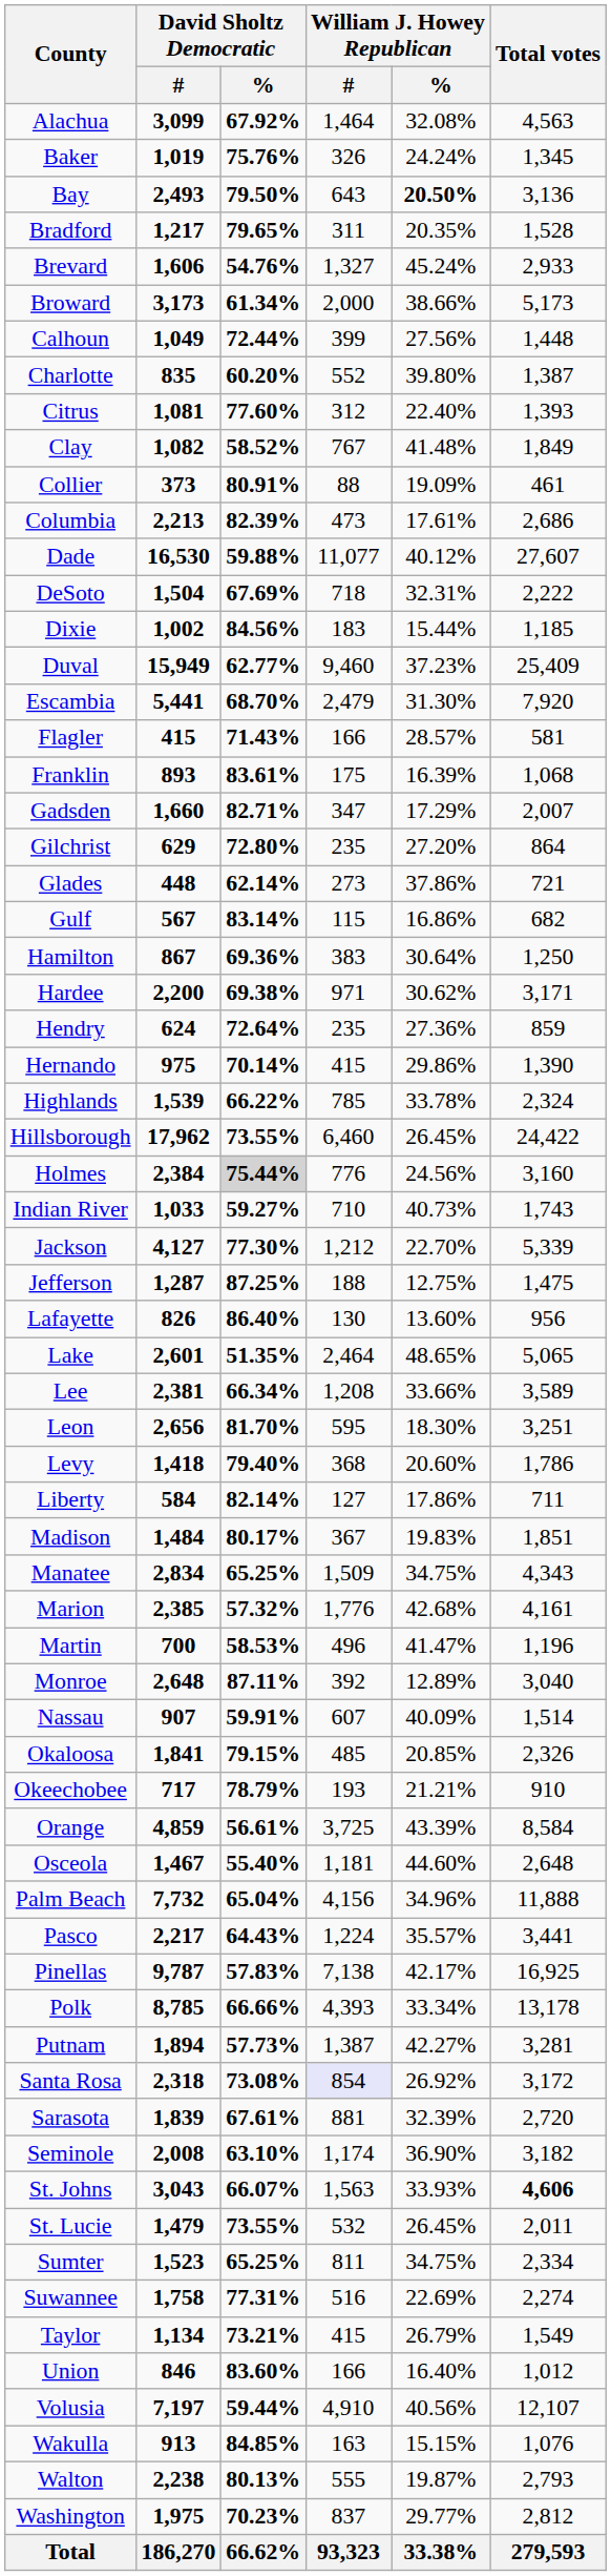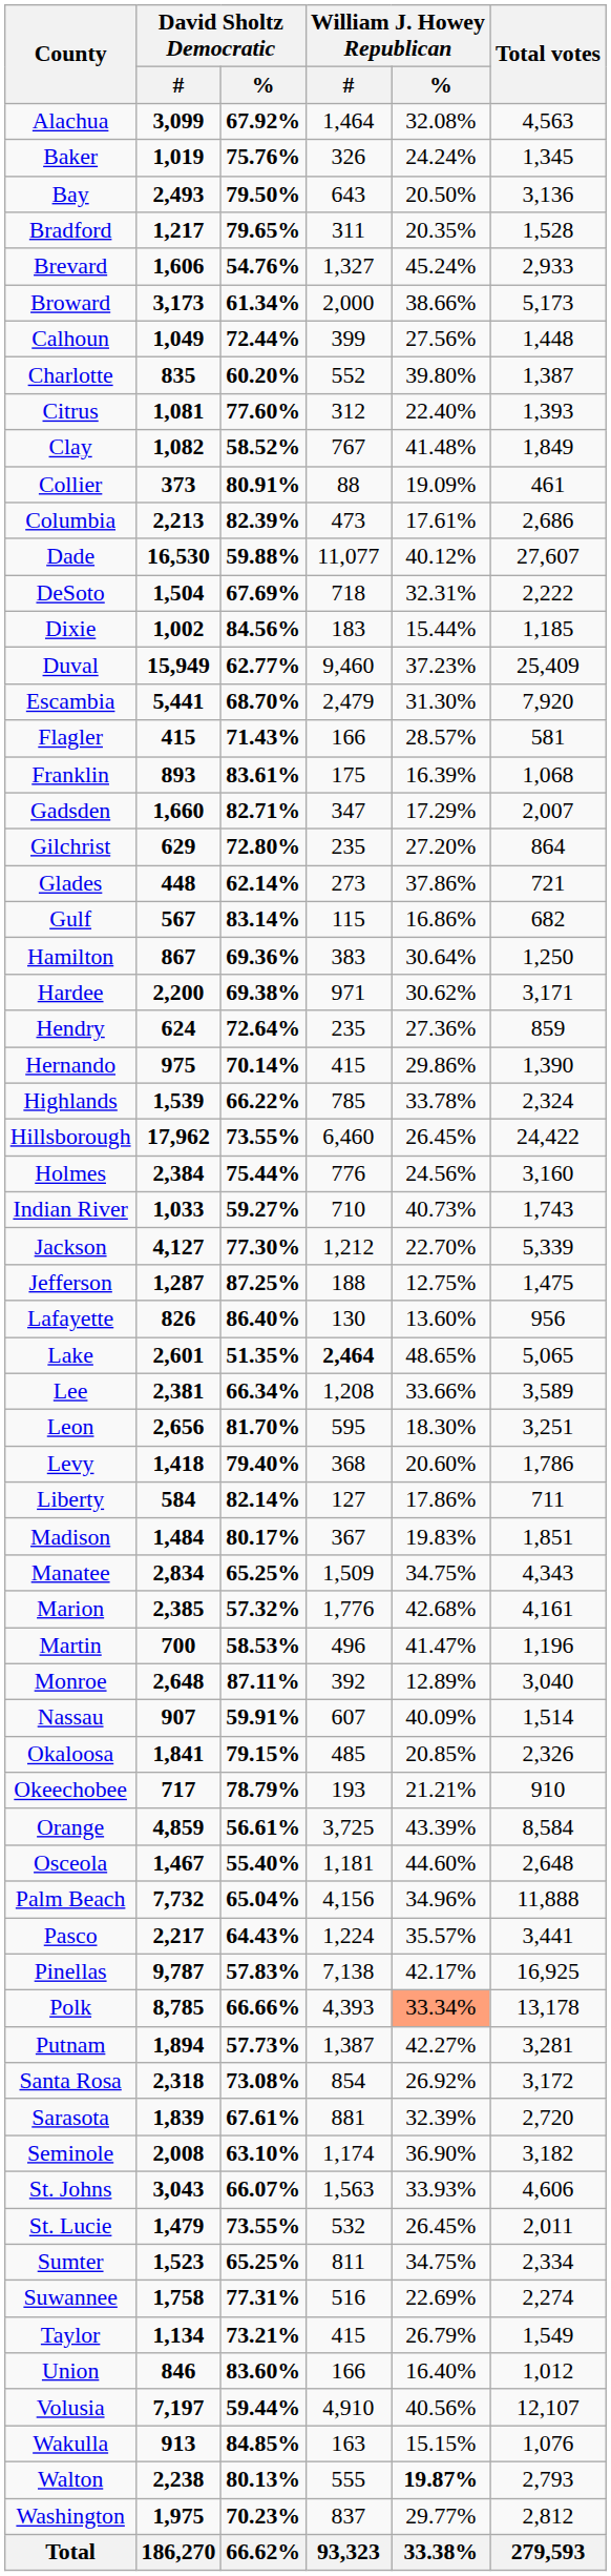 <table class="wikitable sortable">
 <tr>
 <th rowspan="2">County</th>
 <th colspan="2" style="text-align: center;" >David Sholtz <br><em>Democratic</em></th>
 <th colspan="2" style="text-align: center;" >William J. Howey <br><em>Republican</em></th>
 <th rowspan="2">Total votes</th>
 </tr>
 <tr>
 <th colspan="1" style="text-align: center;" >#</th>
 <th colspan="1" style="text-align: center;" >%</th>
 <th colspan="1" style="text-align: center;" >#</th>
 <th colspan="1" style="text-align: center;" >%</th>
 </tr>
 <tr align="center">
 <td><a href='#'>Alachua</a></td>
 <td><strong>3,099</strong></td>
 <td><strong>67.92%</strong></td>
 <td>1,464</td>
 <td>32.08%</td>
 <td>4,563</td>
 </tr>
 <tr align="center">
 <td><a href='#'>Baker</a></td>
 <td><strong>1,019</strong></td>
 <td><strong>75.76%</strong></td>
 <td>326</td>
 <td>24.24%</td>
 <td>1,345</td>
 </tr>
 <tr align="center">
 <td><a href='#'>Bay</a></td>
 <td><strong>2,493</strong></td>
 <td><strong>79.50%</strong></td>
 <td>643</td>
-<td><strong>20.50%</strong></td>
+<td>20.50%</td>
 <td>3,136</td>
 </tr>
 <tr align="center">
 <td><a href='#'>Bradford</a></td>
 <td><strong>1,217</strong></td>
 <td><strong>79.65%</strong></td>
 <td>311</td>
 <td>20.35%</td>
 <td>1,528</td>
 </tr>
 <tr align="center">
 <td><a href='#'>Brevard</a></td>
 <td><strong>1,606</strong></td>
 <td><strong>54.76%</strong></td>
 <td>1,327</td>
 <td>45.24%</td>
 <td>2,933</td>
 </tr>
 <tr align="center">
 <td><a href='#'>Broward</a></td>
 <td><strong>3,173</strong></td>
 <td><strong>61.34%</strong></td>
 <td>2,000</td>
 <td>38.66%</td>
 <td>5,173</td>
 </tr>
 <tr align="center">
 <td><a href='#'>Calhoun</a></td>
 <td><strong>1,049</strong></td>
 <td><strong>72.44%</strong></td>
 <td>399</td>
 <td>27.56%</td>
 <td>1,448</td>
 </tr>
 <tr align="center">
 <td><a href='#'>Charlotte</a></td>
 <td><strong>835</strong></td>
 <td><strong>60.20%</strong></td>
 <td>552</td>
 <td>39.80%</td>
 <td>1,387</td>
 </tr>
 <tr align="center">
 <td><a href='#'>Citrus</a></td>
 <td><strong>1,081</strong></td>
 <td><strong>77.60%</strong></td>
 <td>312</td>
 <td>22.40%</td>
 <td>1,393</td>
 </tr>
 <tr align="center">
 <td><a href='#'>Clay</a></td>
 <td><strong>1,082</strong></td>
 <td><strong>58.52%</strong></td>
 <td>767</td>
 <td>41.48%</td>
 <td>1,849</td>
 </tr>
 <tr align="center">
 <td><a href='#'>Collier</a></td>
 <td><strong>373</strong></td>
 <td><strong>80.91%</strong></td>
 <td>88</td>
 <td>19.09%</td>
 <td>461</td>
 </tr>
 <tr align="center">
 <td><a href='#'>Columbia</a></td>
 <td><strong>2,213</strong></td>
 <td><strong>82.39%</strong></td>
 <td>473</td>
 <td>17.61%</td>
 <td>2,686</td>
 </tr>
 <tr align="center">
 <td><a href='#'>Dade</a></td>
 <td><strong>16,530</strong></td>
 <td><strong>59.88%</strong></td>
 <td>11,077</td>
 <td>40.12%</td>
 <td>27,607</td>
 </tr>
 <tr align="center">
 <td><a href='#'>DeSoto</a></td>
 <td><strong>1,504</strong></td>
 <td><strong>67.69%</strong></td>
 <td>718</td>
 <td>32.31%</td>
 <td>2,222</td>
 </tr>
 <tr align="center">
 <td><a href='#'>Dixie</a></td>
 <td><strong>1,002</strong></td>
 <td><strong>84.56%</strong></td>
 <td>183</td>
 <td>15.44%</td>
 <td>1,185</td>
 </tr>
 <tr align="center">
 <td><a href='#'>Duval</a></td>
 <td><strong>15,949</strong></td>
 <td><strong>62.77%</strong></td>
 <td>9,460</td>
 <td>37.23%</td>
 <td>25,409</td>
 </tr>
 <tr align="center">
 <td><a href='#'>Escambia</a></td>
 <td><strong>5,441</strong></td>
 <td><strong>68.70%</strong></td>
 <td>2,479</td>
 <td>31.30%</td>
 <td>7,920</td>
 </tr>
 <tr align="center">
 <td><a href='#'>Flagler</a></td>
 <td><strong>415</strong></td>
 <td><strong>71.43%</strong></td>
 <td>166</td>
 <td>28.57%</td>
 <td>581</td>
 </tr>
 <tr align="center">
 <td><a href='#'>Franklin</a></td>
 <td><strong>893</strong></td>
 <td><strong>83.61%</strong></td>
 <td>175</td>
 <td>16.39%</td>
 <td>1,068</td>
 </tr>
 <tr align="center">
 <td><a href='#'>Gadsden</a></td>
 <td><strong>1,660</strong></td>
 <td><strong>82.71%</strong></td>
 <td>347</td>
 <td>17.29%</td>
 <td>2,007</td>
 </tr>
 <tr align="center">
 <td><a href='#'>Gilchrist</a></td>
 <td><strong>629</strong></td>
 <td><strong>72.80%</strong></td>
 <td>235</td>
 <td>27.20%</td>
 <td>864</td>
 </tr>
 <tr align="center">
 <td><a href='#'>Glades</a></td>
 <td><strong>448</strong></td>
 <td><strong>62.14%</strong></td>
 <td>273</td>
 <td>37.86%</td>
 <td>721</td>
 </tr>
 <tr align="center">
 <td><a href='#'>Gulf</a></td>
 <td><strong>567</strong></td>
 <td><strong>83.14%</strong></td>
 <td>115</td>
 <td>16.86%</td>
 <td>682</td>
 </tr>
 <tr align="center">
 <td><a href='#'>Hamilton</a></td>
 <td><strong>867</strong></td>
 <td><strong>69.36%</strong></td>
 <td>383</td>
 <td>30.64%</td>
 <td>1,250</td>
 </tr>
 <tr align="center">
 <td><a href='#'>Hardee</a></td>
 <td><strong>2,200</strong></td>
 <td><strong>69.38%</strong></td>
 <td>971</td>
 <td>30.62%</td>
 <td>3,171</td>
 </tr>
 <tr align="center">
 <td><a href='#'>Hendry</a></td>
 <td><strong>624</strong></td>
 <td><strong>72.64%</strong></td>
 <td>235</td>
 <td>27.36%</td>
 <td>859</td>
 </tr>
 <tr align="center">
 <td><a href='#'>Hernando</a></td>
 <td><strong>975</strong></td>
 <td><strong>70.14%</strong></td>
 <td>415</td>
 <td>29.86%</td>
 <td>1,390</td>
 </tr>
 <tr align="center">
 <td><a href='#'>Highlands</a></td>
 <td><strong>1,539</strong></td>
 <td><strong>66.22%</strong></td>
 <td>785</td>
 <td>33.78%</td>
 <td>2,324</td>
 </tr>
 <tr align="center">
 <td><a href='#'>Hillsborough</a></td>
 <td><strong>17,962</strong></td>
 <td><strong>73.55%</strong></td>
 <td>6,460</td>
 <td>26.45%</td>
 <td>24,422</td>
 </tr>
 <tr align="center">
 <td><a href='#'>Holmes</a></td>
 <td><strong>2,384</strong></td>
-<td style="background: lightgrey;"><strong>75.44%</strong></td>
+<td><strong>75.44%</strong></td>
 <td>776</td>
 <td>24.56%</td>
 <td>3,160</td>
 </tr>
 <tr align="center">
 <td><a href='#'>Indian River</a></td>
 <td><strong>1,033</strong></td>
 <td><strong>59.27%</strong></td>
 <td>710</td>
 <td>40.73%</td>
 <td>1,743</td>
 </tr>
 <tr align="center">
 <td><a href='#'>Jackson</a></td>
 <td><strong> 4,127</strong></td>
 <td><strong>77.30%</strong></td>
 <td>1,212</td>
 <td>22.70%</td>
 <td>5,339</td>
 </tr>
 <tr align="center">
 <td><a href='#'>Jefferson</a></td>
 <td><strong>1,287</strong></td>
 <td><strong>87.25%</strong></td>
 <td>188</td>
 <td>12.75%</td>
 <td>1,475</td>
 </tr>
 <tr align="center">
 <td><a href='#'>Lafayette</a></td>
 <td><strong>826</strong></td>
 <td><strong>86.40%</strong></td>
 <td>130</td>
 <td>13.60%</td>
 <td>956</td>
 </tr>
 <tr align="center">
 <td><a href='#'>Lake</a></td>
 <td><strong>2,601</strong></td>
 <td><strong>51.35%</strong></td>
-<td>2,464</td>
+<td><strong>2,464</strong></td>
 <td>48.65%</td>
 <td>5,065</td>
 </tr>
 <tr align="center">
 <td><a href='#'>Lee</a></td>
 <td><strong>2,381</strong></td>
 <td><strong>66.34%</strong></td>
 <td>1,208</td>
 <td>33.66%</td>
 <td>3,589</td>
 </tr>
 <tr align="center">
 <td><a href='#'>Leon</a></td>
 <td><strong>2,656</strong></td>
 <td><strong>81.70%</strong></td>
 <td>595</td>
 <td>18.30%</td>
 <td>3,251</td>
 </tr>
 <tr align="center">
 <td><a href='#'>Levy</a></td>
 <td><strong>1,418</strong></td>
 <td><strong>79.40%</strong></td>
 <td>368</td>
 <td>20.60%</td>
 <td>1,786</td>
 </tr>
 <tr align="center">
 <td><a href='#'>Liberty</a></td>
 <td><strong>584</strong></td>
 <td><strong>82.14%</strong></td>
 <td>127</td>
 <td>17.86%</td>
 <td>711</td>
 </tr>
 <tr align="center">
 <td><a href='#'>Madison</a></td>
 <td><strong>1,484</strong></td>
 <td><strong>80.17%</strong></td>
 <td>367</td>
 <td>19.83%</td>
 <td>1,851</td>
 </tr>
 <tr align="center">
 <td><a href='#'>Manatee</a></td>
 <td><strong>2,834</strong></td>
 <td><strong>65.25%</strong></td>
 <td>1,509</td>
 <td>34.75%</td>
 <td>4,343</td>
 </tr>
 <tr align="center">
 <td><a href='#'>Marion</a></td>
 <td><strong>2,385</strong></td>
 <td><strong>57.32%</strong></td>
 <td>1,776</td>
 <td>42.68%</td>
 <td>4,161</td>
 </tr>
 <tr align="center">
 <td><a href='#'>Martin</a></td>
 <td><strong>700</strong></td>
 <td><strong>58.53%</strong></td>
 <td>496</td>
 <td>41.47%</td>
 <td>1,196</td>
 </tr>
 <tr align="center">
 <td><a href='#'>Monroe</a></td>
 <td><strong>2,648</strong></td>
 <td><strong>87.11%</strong></td>
 <td>392</td>
 <td>12.89%</td>
 <td>3,040</td>
 </tr>
 <tr align="center">
 <td><a href='#'>Nassau</a></td>
 <td><strong>907</strong></td>
 <td><strong>59.91%</strong></td>
 <td>607</td>
 <td>40.09%</td>
 <td>1,514</td>
 </tr>
 <tr align="center">
 <td><a href='#'>Okaloosa</a></td>
 <td><strong>1,841</strong></td>
 <td><strong>79.15%</strong></td>
 <td>485</td>
 <td>20.85%</td>
 <td>2,326</td>
 </tr>
 <tr align="center">
 <td><a href='#'>Okeechobee</a></td>
 <td><strong>717</strong></td>
 <td><strong>78.79%</strong></td>
 <td>193</td>
 <td>21.21%</td>
 <td>910</td>
 </tr>
 <tr align="center">
 <td><a href='#'>Orange</a></td>
 <td><strong>4,859</strong></td>
 <td><strong>56.61%</strong></td>
 <td>3,725</td>
 <td>43.39%</td>
 <td>8,584</td>
 </tr>
 <tr align="center">
 <td><a href='#'>Osceola</a></td>
 <td><strong>1,467</strong></td>
 <td><strong>55.40%</strong></td>
 <td>1,181</td>
 <td>44.60%</td>
 <td>2,648</td>
 </tr>
 <tr align="center">
 <td><a href='#'>Palm Beach</a></td>
 <td><strong>7,732</strong></td>
 <td><strong>65.04%</strong></td>
 <td>4,156</td>
 <td>34.96%</td>
 <td>11,888</td>
 </tr>
 <tr align="center">
 <td><a href='#'>Pasco</a></td>
 <td><strong>2,217</strong></td>
 <td><strong>64.43%</strong></td>
 <td>1,224</td>
 <td>35.57%</td>
 <td>3,441</td>
 </tr>
 <tr align="center">
 <td><a href='#'>Pinellas</a></td>
 <td><strong>9,787</strong></td>
 <td><strong>57.83%</strong></td>
 <td>7,138</td>
 <td>42.17%</td>
 <td>16,925</td>
 </tr>
 <tr align="center">
 <td><a href='#'>Polk</a></td>
 <td><strong>8,785</strong></td>
 <td><strong>66.66%</strong></td>
 <td>4,393</td>
-<td>33.34%</td>
+<td style="background: lightsalmon;">33.34%</td>
 <td>13,178</td>
 </tr>
 <tr align="center">
 <td><a href='#'>Putnam</a></td>
 <td><strong>1,894</strong></td>
 <td><strong>57.73%</strong></td>
 <td>1,387</td>
 <td>42.27%</td>
 <td>3,281</td>
 </tr>
 <tr align="center">
 <td><a href='#'>Santa Rosa</a></td>
 <td><strong>2,318</strong></td>
 <td><strong>73.08%</strong></td>
-<td style="background: lavender;">854</td>
+<td>854</td>
 <td>26.92%</td>
 <td>3,172</td>
 </tr>
 <tr align="center">
 <td><a href='#'>Sarasota</a></td>
 <td><strong>1,839</strong></td>
 <td><strong>67.61%</strong></td>
 <td>881</td>
 <td>32.39%</td>
 <td>2,720</td>
 </tr>
 <tr align="center">
 <td><a href='#'>Seminole</a></td>
 <td><strong>2,008</strong></td>
 <td><strong>63.10%</strong></td>
 <td>1,174</td>
 <td>36.90%</td>
 <td>3,182</td>
 </tr>
 <tr align="center">
 <td><a href='#'>St. Johns</a></td>
 <td><strong>3,043</strong></td>
 <td><strong>66.07%</strong></td>
 <td>1,563</td>
 <td>33.93%</td>
-<td><strong>4,606</strong></td>
+<td>4,606</td>
 </tr>
 <tr align="center">
 <td><a href='#'>St. Lucie</a></td>
 <td><strong>1,479</strong></td>
 <td><strong>73.55%</strong></td>
 <td>532</td>
 <td>26.45%</td>
 <td>2,011</td>
 </tr>
 <tr align="center">
 <td><a href='#'>Sumter</a></td>
 <td><strong>1,523</strong></td>
 <td><strong>65.25% </strong></td>
 <td>811</td>
 <td>34.75%</td>
 <td>2,334</td>
 </tr>
 <tr align="center">
 <td><a href='#'>Suwannee</a></td>
 <td><strong>1,758</strong></td>
 <td><strong>77.31%</strong></td>
 <td>516</td>
 <td>22.69%</td>
 <td>2,274</td>
 </tr>
 <tr align="center">
 <td><a href='#'>Taylor</a></td>
 <td><strong>1,134</strong></td>
 <td><strong>73.21%</strong></td>
 <td>415</td>
 <td>26.79%</td>
 <td>1,549</td>
 </tr>
 <tr align="center">
 <td><a href='#'>Union</a></td>
 <td><strong>846</strong></td>
 <td><strong>83.60%</strong></td>
 <td>166</td>
 <td>16.40%</td>
 <td>1,012</td>
 </tr>
 <tr align="center">
 <td><a href='#'>Volusia</a></td>
 <td><strong>7,197</strong></td>
 <td><strong>59.44%</strong></td>
 <td>4,910</td>
 <td>40.56%</td>
 <td>12,107</td>
 </tr>
 <tr align="center">
 <td><a href='#'>Wakulla</a></td>
 <td><strong>913</strong></td>
 <td><strong>84.85%</strong></td>
 <td>163</td>
 <td>15.15%</td>
 <td>1,076</td>
 </tr>
 <tr align="center">
 <td><a href='#'>Walton</a></td>
 <td><strong>2,238</strong></td>
 <td><strong>80.13%</strong></td>
 <td>555</td>
-<td>19.87%</td>
+<td><strong>19.87%</strong></td>
 <td>2,793</td>
 </tr>
 <tr align="center">
 <td><a href='#'>Washington</a></td>
 <td><strong>1,975</strong></td>
 <td><strong>70.23%</strong></td>
 <td>837</td>
 <td>29.77%</td>
 <td>2,812</td>
 </tr>
 <tr align="center">
 <th><strong>Total</strong></th>
 <th><strong>186,270</strong></th>
 <th><strong>66.62%</strong></th>
 <th><strong>93,323</strong></th>
 <th><strong>33.38%</strong></th>
 <th><strong>279,593</strong></th>
 </tr>
 </table>
